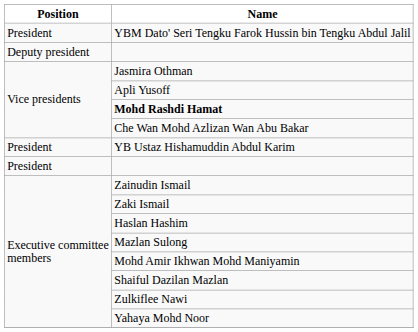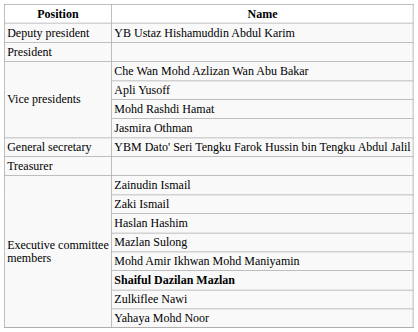 <table class="wikitable">
 <tr>
 <th style="background:White; color:Black;">Position</th>
 <th style="background:White; color:Black;">Name</th>
 </tr>
 <tr>
-<td>President</td>
-<td> YBM Dato' Seri Tengku Farok Hussin bin Tengku Abdul Jalil</td>
+<td>Deputy president</td>
+<td> YB Ustaz Hishamuddin Abdul Karim</td>
 </tr>
 <tr>
-<td>Deputy president</td>
+<td>President</td>
 <td></td>
 </tr>
 <tr>
 <td rowspan=4>Vice presidents</td>
-<td> Jasmira Othman</td>
+<td> Che Wan Mohd Azlizan Wan Abu Bakar</td>
 </tr>
 <tr>
 <td> Apli Yusoff</td>
 </tr>
 <tr>
-<td><strong> Mohd Rashdi Hamat</strong></td>
+<td> Mohd Rashdi Hamat</td>
 </tr>
 <tr>
-<td> Che Wan Mohd Azlizan Wan Abu Bakar</td>
+<td> Jasmira Othman</td>
 </tr>
 <tr>
-<td>President</td>
-<td> YB Ustaz Hishamuddin Abdul Karim</td>
+<td>General secretary</td>
+<td> YBM Dato' Seri Tengku Farok Hussin bin Tengku Abdul Jalil</td>
 </tr>
 <tr>
-<td>President</td>
+<td>Treasurer</td>
 <td></td>
 </tr>
 <tr>
 <td rowspan=8>Executive committee <br>members</td>
 <td> Zainudin Ismail</td>
 </tr>
 <tr>
 <td> Zaki Ismail</td>
 </tr>
 <tr>
 <td> Haslan Hashim</td>
 </tr>
 <tr>
 <td> Mazlan Sulong</td>
 </tr>
 <tr>
 <td> Mohd Amir Ikhwan Mohd Maniyamin</td>
 </tr>
 <tr>
-<td> Shaiful Dazilan Mazlan</td>
+<td><strong> Shaiful Dazilan Mazlan</strong></td>
 </tr>
 <tr>
 <td> Zulkiflee Nawi</td>
 </tr>
 <tr>
 <td> Yahaya Mohd Noor</td>
 </tr>
 <tr>
 </tr>
 </table>
